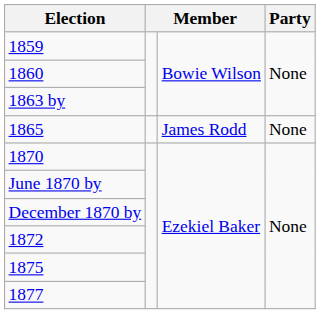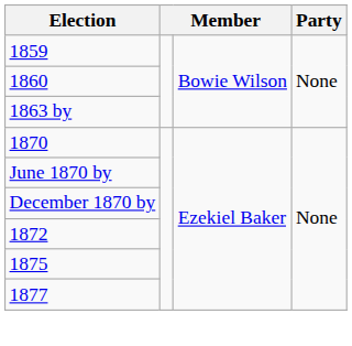 <table class="wikitable">
 <tr>
 <th>Election</th>
 <th colspan="2">Member</th>
 <th>Party</th>
 </tr>
 <tr>
 <td><a href='#'>1859</a></td>
 <td rowspan="3" > </td>
 <td rowspan="3"><a href='#'>Bowie Wilson</a></td>
 <td rowspan="3">None</td>
 </tr>
 <tr>
 <td><a href='#'>1860</a></td>
 </tr>
 <tr>
 <td><a href='#'>1863 by</a></td>
-</tr>
-<tr>
-<td><a href='#'>1865</a></td>
-<td> </td>
-<td><a href='#'>James Rodd</a></td>
-<td>None</td>
 </tr>
 <tr>
 <td><a href='#'>1870</a></td>
 <td rowspan="6" > </td>
 <td rowspan="6"><a href='#'>Ezekiel Baker</a></td>
 <td rowspan="6">None</td>
 </tr>
 <tr>
 <td><a href='#'>June 1870 by</a></td>
 </tr>
 <tr>
 <td><a href='#'>December 1870 by</a></td>
 </tr>
 <tr>
 <td><a href='#'>1872</a></td>
 </tr>
 <tr>
 <td><a href='#'>1875</a></td>
 </tr>
 <tr>
 <td><a href='#'>1877</a></td>
 </tr>
 </table>
